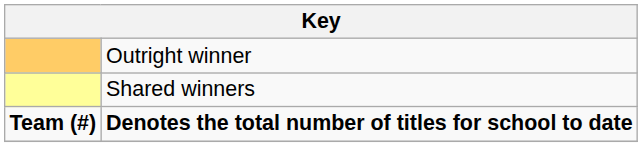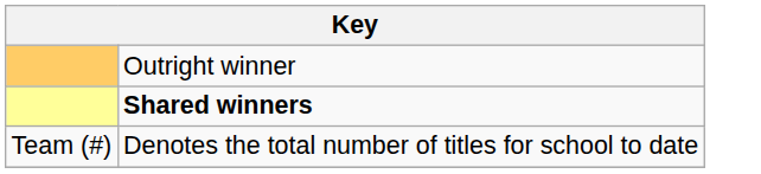 <table class="wikitable">
 <tr>
 <th colspan=10><strong>Key</strong></th>
 </tr>
 <tr>
 <td style="background-color:#fc6"></td>
 <td>Outright winner</td>
 </tr>
 <tr>
 <td style="background-color:#ff9"></td>
-<td>Shared winners</td>
+<td><strong>Shared winners</strong></td>
 </tr>
 <tr>
-<td><strong>Team (#)</strong></td>
-<td><strong>Denotes the total number of titles for school to date</strong></td>
+<td>Team (#)</td>
+<td>Denotes the total number of titles for school to date</td>
 </tr>
 <tr>
 </tr>
 </table>
